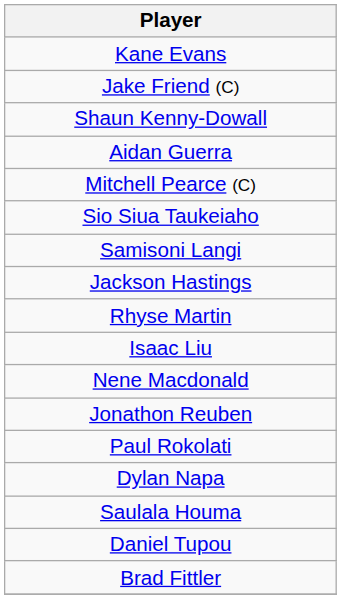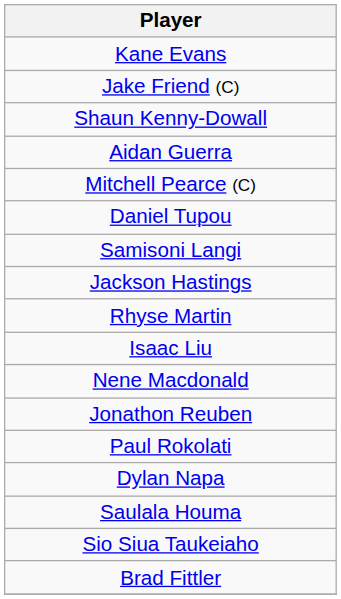 <table class="wikitable" style="text-align: center;">
 <tr>
 <th style="width:250px;">Player</th>
 </tr>
 <tr>
 <td><a href='#'>Kane Evans</a></td>
 </tr>
 <tr>
 <td><a href='#'>Jake Friend</a> <small>(C)</small></td>
 </tr>
 <tr>
 <td><a href='#'>Shaun Kenny-Dowall</a></td>
 </tr>
 <tr>
 <td><a href='#'>Aidan Guerra</a></td>
 </tr>
 <tr>
 <td><a href='#'>Mitchell Pearce</a> <small>(C)</small></td>
 </tr>
 <tr>
-<td><a href='#'>Sio Siua Taukeiaho</a></td>
+<td><a href='#'>Daniel Tupou</a></td>
 </tr>
 <tr>
 <td><a href='#'>Samisoni Langi</a></td>
 </tr>
 <tr>
 <td><a href='#'>Jackson Hastings</a></td>
 </tr>
 <tr>
 <td><a href='#'>Rhyse Martin</a></td>
 </tr>
 <tr>
 <td><a href='#'>Isaac Liu</a></td>
 </tr>
 <tr>
 <td><a href='#'>Nene Macdonald</a></td>
 </tr>
 <tr>
 <td><a href='#'>Jonathon Reuben</a></td>
 </tr>
 <tr>
 <td><a href='#'>Paul Rokolati</a></td>
 </tr>
 <tr>
 <td><a href='#'>Dylan Napa</a></td>
 </tr>
 <tr>
 <td><a href='#'>Saulala Houma</a></td>
 </tr>
 <tr>
-<td><a href='#'>Daniel Tupou</a></td>
+<td><a href='#'>Sio Siua Taukeiaho</a></td>
 </tr>
 <tr>
 <td><a href='#'>Brad Fittler</a></td>
 </tr>
 <tr>
 </tr>
 </table>
